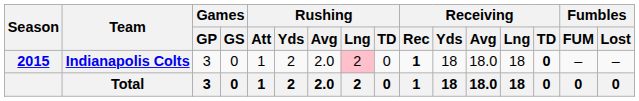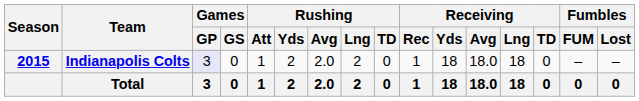 <table class=wikitable style="text-align:center;">
 <tr>
 <th rowspan=2>Season</th>
 <th rowspan=2>Team</th>
 <th colspan=2>Games</th>
 <th colspan=5>Rushing</th>
 <th colspan=5>Receiving</th>
 <th colspan=2>Fumbles</th>
 </tr>
 <tr>
 <th>GP</th>
 <th>GS</th>
 <th>Att</th>
 <th>Yds</th>
 <th>Avg</th>
 <th>Lng</th>
 <th>TD</th>
 <th>Rec</th>
 <th>Yds</th>
 <th>Avg</th>
 <th>Lng</th>
 <th>TD</th>
 <th>FUM</th>
 <th>Lost</th>
 </tr>
 <tr>
 <th><a href='#'>2015</a></th>
 <th><a href='#'>Indianapolis Colts</a></th>
-<td>3</td>
+<td style="background: lavender;">3</td>
 <td>0</td>
 <td>1</td>
 <td>2</td>
 <td>2.0</td>
-<td style="background: pink;">2</td>
+<td>2</td>
 <td>0</td>
-<td><strong>1</strong></td>
+<td>1</td>
 <td>18</td>
 <td>18.0</td>
 <td>18</td>
-<td><strong>0</strong></td>
+<td>0</td>
 <td>–</td>
 <td>–</td>
 </tr>
 <tr>
 <th></th>
 <th>Total</th>
 <th>3</th>
 <th>0</th>
 <th>1</th>
 <th>2</th>
 <th>2.0</th>
 <th>2</th>
 <th>0</th>
 <th>1</th>
 <th>18</th>
 <th>18.0</th>
 <th>18</th>
 <th>0</th>
 <th>0</th>
 <th>0</th>
 </tr>
 </table>
